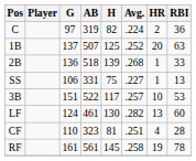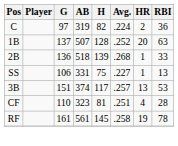 <table class="wikitable sortable">
 <tr>
 <th>Pos</th>
 <th>Player</th>
 <th>G</th>
 <th>AB</th>
 <th>H</th>
 <th>Avg.</th>
 <th>HR</th>
 <th>RBI</th>
 </tr>
 <tr align="center">
 <td>C</td>
 <td></td>
 <td>97</td>
 <td>319</td>
 <td>82</td>
 <td>.224</td>
 <td>2</td>
 <td>36</td>
 </tr>
 <tr align=center>
 <td>1B</td>
 <td></td>
 <td>137</td>
 <td>507</td>
-<td>125</td>
+<td>128</td>
 <td>.252</td>
 <td>20</td>
 <td>63</td>
 </tr>
 <tr align=center>
 <td>2B</td>
 <td></td>
 <td>136</td>
 <td>518</td>
 <td>139</td>
 <td>.268</td>
 <td>1</td>
 <td>33</td>
 </tr>
 <tr align="center">
 <td>SS</td>
 <td></td>
 <td>106</td>
 <td>331</td>
 <td>75</td>
 <td>.227</td>
 <td>1</td>
 <td>13</td>
 </tr>
 <tr align=center>
 <td>3B</td>
 <td></td>
 <td>151</td>
-<td>522</td>
+<td>374</td>
 <td>117</td>
 <td>.257</td>
-<td>10</td>
+<td>13</td>
 <td>53</td>
-</tr>
-<tr align="center">
-<td>LF</td>
-<td></td>
-<td>124</td>
-<td>461</td>
-<td>130</td>
-<td>.282</td>
-<td>13</td>
-<td>60</td>
 </tr>
 <tr align="center">
 <td>CF</td>
 <td></td>
 <td>110</td>
 <td>323</td>
 <td>81</td>
 <td>.251</td>
 <td>4</td>
 <td>28</td>
 </tr>
 <tr align="center">
 <td>RF</td>
 <td></td>
 <td>161</td>
 <td>561</td>
 <td>145</td>
 <td>.258</td>
 <td>19</td>
 <td>78</td>
 </tr>
 <tr align="center">
 </tr>
 </table>
